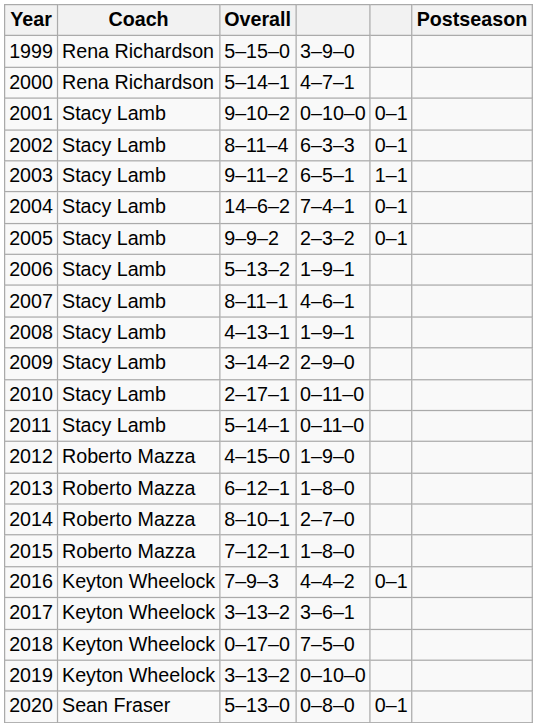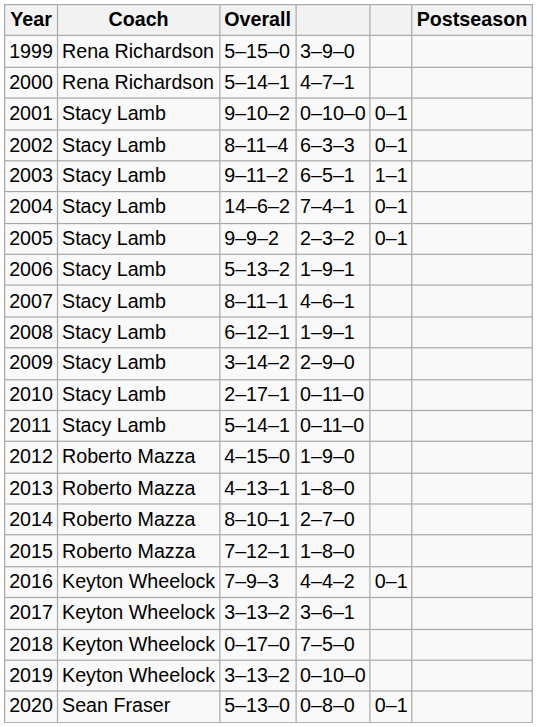 <table class="wikitable" style="font-size: %">
 <tr>
 <th>Year</th>
 <th>Coach</th>
 <th>Overall</th>
 <th></th>
 <th></th>
 <th>Postseason</th>
 </tr>
 <tr>
 <td>1999</td>
 <td>Rena Richardson</td>
 <td>5–15–0</td>
 <td>3–9–0</td>
 <td></td>
 <td></td>
 </tr>
 <tr>
 <td>2000</td>
 <td>Rena Richardson</td>
 <td>5–14–1</td>
 <td>4–7–1</td>
 <td></td>
 <td></td>
 </tr>
 <tr>
 <td>2001</td>
 <td>Stacy Lamb</td>
 <td>9–10–2</td>
 <td>0–10–0</td>
 <td>0–1</td>
 <td></td>
 </tr>
 <tr>
 <td>2002</td>
 <td>Stacy Lamb</td>
 <td>8–11–4</td>
 <td>6–3–3</td>
 <td>0–1</td>
 <td></td>
 </tr>
 <tr>
 <td>2003</td>
 <td>Stacy Lamb</td>
 <td>9–11–2</td>
 <td>6–5–1</td>
 <td>1–1</td>
 <td></td>
 </tr>
 <tr>
 <td>2004</td>
 <td>Stacy Lamb</td>
 <td>14–6–2</td>
 <td>7–4–1</td>
 <td>0–1</td>
 <td></td>
 </tr>
 <tr>
 <td>2005</td>
 <td>Stacy Lamb</td>
 <td>9–9–2</td>
 <td>2–3–2</td>
 <td>0–1</td>
 <td></td>
 </tr>
 <tr>
 <td>2006</td>
 <td>Stacy Lamb</td>
 <td>5–13–2</td>
 <td>1–9–1</td>
 <td></td>
 <td></td>
 </tr>
 <tr>
 <td>2007</td>
 <td>Stacy Lamb</td>
 <td>8–11–1</td>
 <td>4–6–1</td>
 <td></td>
 <td></td>
 </tr>
 <tr>
 <td>2008</td>
 <td>Stacy Lamb</td>
-<td>4–13–1</td>
+<td>6–12–1</td>
 <td>1–9–1</td>
 <td></td>
 <td></td>
 </tr>
 <tr>
 <td>2009</td>
 <td>Stacy Lamb</td>
 <td>3–14–2</td>
 <td>2–9–0</td>
 <td></td>
 <td></td>
 </tr>
 <tr>
 <td>2010</td>
 <td>Stacy Lamb</td>
 <td>2–17–1</td>
 <td>0–11–0</td>
 <td></td>
 <td></td>
 </tr>
 <tr>
 <td>2011</td>
 <td>Stacy Lamb</td>
 <td>5–14–1</td>
 <td>0–11–0</td>
 <td></td>
 <td></td>
 </tr>
 <tr>
 <td>2012</td>
 <td>Roberto Mazza</td>
 <td>4–15–0</td>
 <td>1–9–0</td>
 <td></td>
 <td></td>
 </tr>
 <tr>
 <td>2013</td>
 <td>Roberto Mazza</td>
-<td>6–12–1</td>
+<td>4–13–1</td>
 <td>1–8–0</td>
 <td></td>
 <td></td>
 </tr>
 <tr>
 <td>2014</td>
 <td>Roberto Mazza</td>
 <td>8–10–1</td>
 <td>2–7–0</td>
 <td></td>
 <td></td>
 </tr>
 <tr>
 <td>2015</td>
 <td>Roberto Mazza</td>
 <td>7–12–1</td>
 <td>1–8–0</td>
 <td></td>
 <td></td>
 </tr>
 <tr>
 <td>2016</td>
 <td>Keyton Wheelock</td>
 <td>7–9–3</td>
 <td>4–4–2</td>
 <td>0–1</td>
 <td></td>
 </tr>
 <tr>
 <td>2017</td>
 <td>Keyton Wheelock</td>
 <td>3–13–2</td>
 <td>3–6–1</td>
 <td></td>
 <td></td>
 </tr>
 <tr>
 <td>2018</td>
 <td>Keyton Wheelock</td>
 <td>0–17–0</td>
 <td>7–5–0</td>
 <td></td>
 <td></td>
 </tr>
 <tr>
 <td>2019</td>
 <td>Keyton Wheelock</td>
 <td>3–13–2</td>
 <td>0–10–0</td>
 <td></td>
 <td></td>
 </tr>
 <tr>
 <td>2020</td>
 <td>Sean Fraser</td>
 <td>5–13–0</td>
 <td>0–8–0</td>
 <td>0–1</td>
 <td></td>
 </tr>
 <tr>
 </tr>
 </table>
